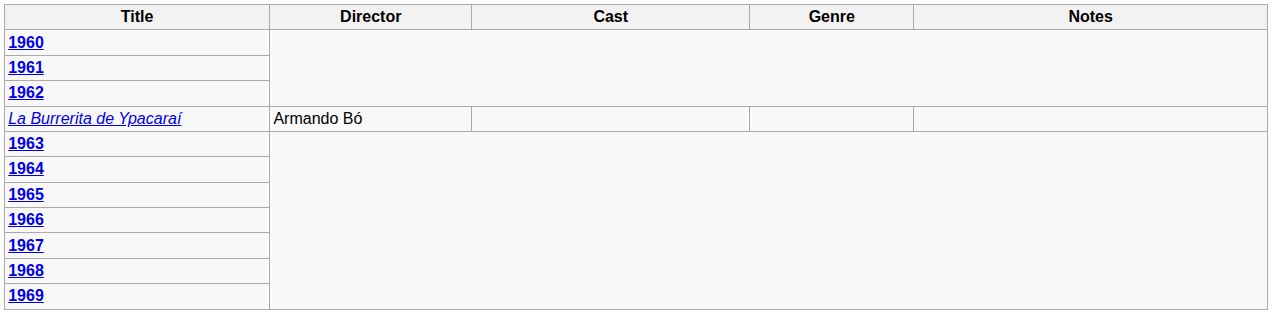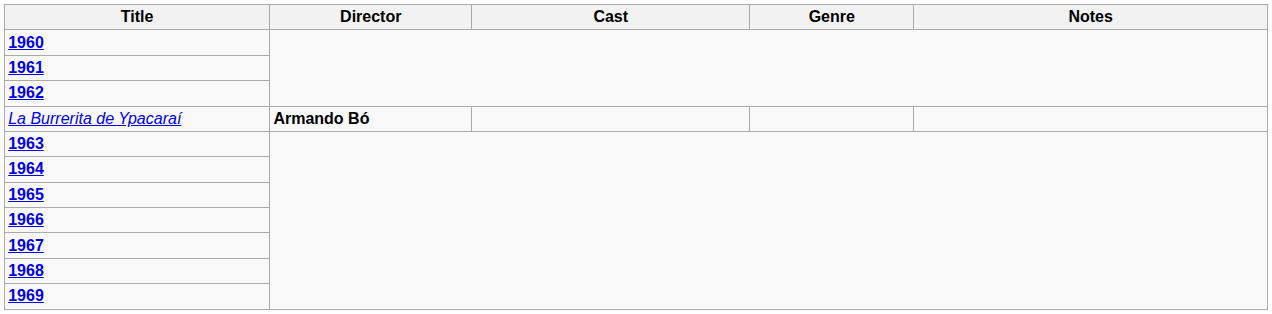 <table class="wikitable" style="width:100%;">
 <tr>
 <th style="width:21%;">Title</th>
 <th style="width:16%;">Director</th>
 <th style="width:22%;">Cast</th>
 <th style="width:13%;">Genre</th>
 <th style="width:28%;">Notes</th>
 </tr>
 <tr>
 <td><strong><a href='#'>1960</a></strong></td>
 </tr>
 <tr>
 <td><strong><a href='#'>1961</a></strong></td>
 </tr>
 <tr>
 <td><strong><a href='#'>1962</a></strong></td>
 </tr>
 <tr>
 <td><em><a href='#'>La Burrerita de Ypacaraí</a></em></td>
-<td>Armando Bó</td>
+<td><strong>Armando Bó</strong></td>
 <td></td>
 <td></td>
 <td></td>
 </tr>
 <tr>
 <td><strong><a href='#'>1963</a></strong></td>
 </tr>
 <tr>
 <td><strong><a href='#'>1964</a></strong></td>
 </tr>
 <tr>
 <td><strong><a href='#'>1965</a></strong></td>
 </tr>
 <tr>
 <td><strong><a href='#'>1966</a></strong></td>
 </tr>
 <tr>
 <td><strong><a href='#'>1967</a></strong></td>
 </tr>
 <tr>
 <td><strong><a href='#'>1968</a></strong></td>
 </tr>
 <tr>
 <td><strong><a href='#'>1969</a></strong></td>
 </tr>
 </table>
